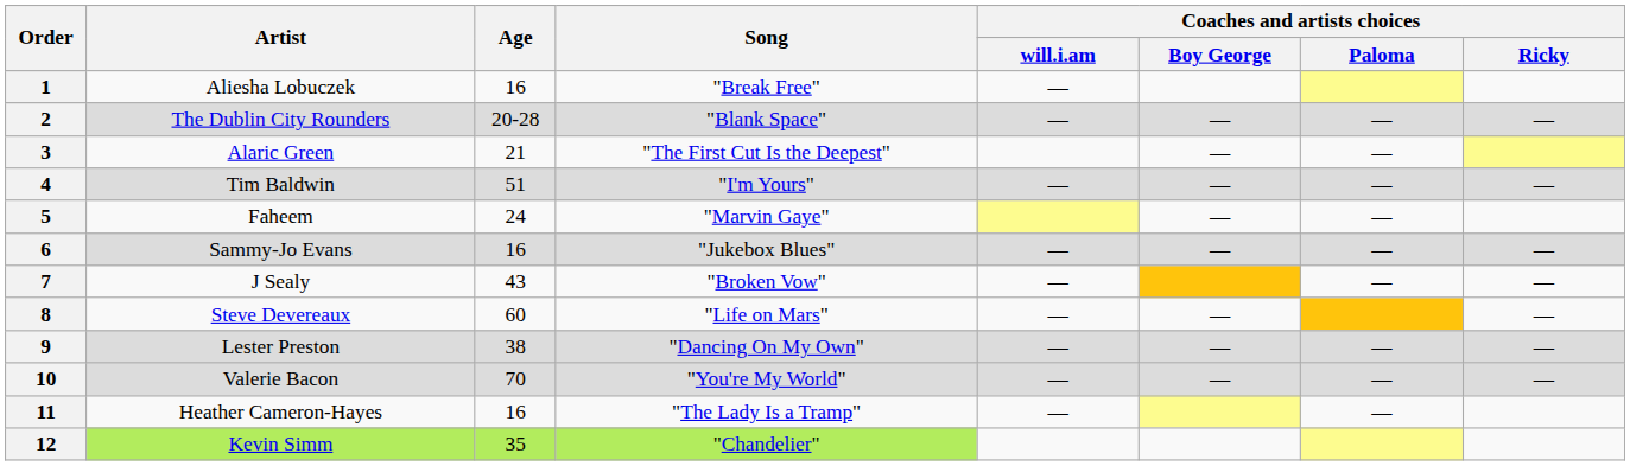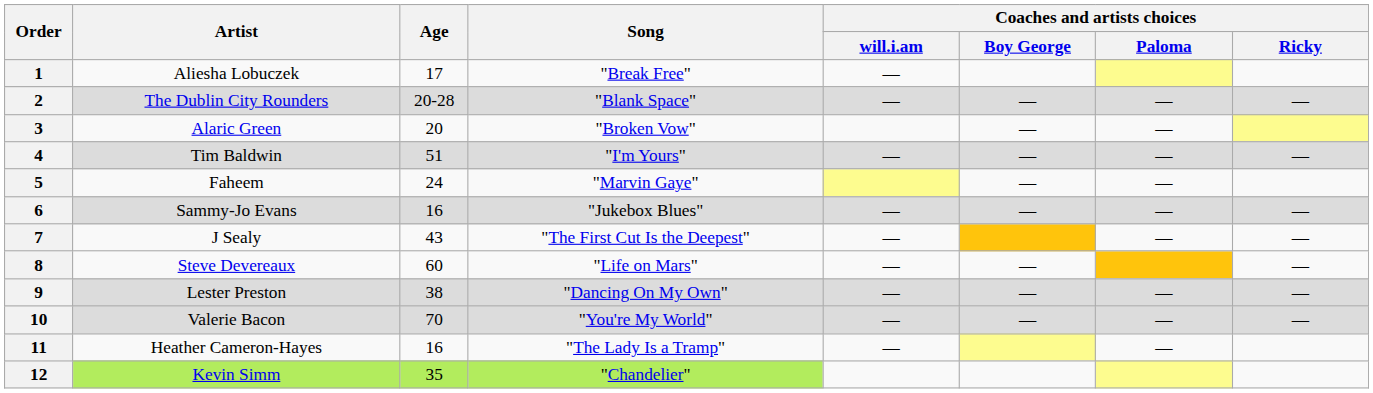 <table class="wikitable" style="text-align:center; width:100%;">
 <tr>
 <th scope="col" rowspan="2" style="width:05%;">Order</th>
 <th scope="col" rowspan="2" style="width:24%;">Artist</th>
 <th scope="col" rowspan="2" style="width:05%;">Age</th>
 <th scope="col" rowspan="2" style="width:26%;">Song</th>
 <th colspan="4" style="width:40%;">Coaches and artists choices</th>
 </tr>
 <tr>
 <th style="width:10%;"><a href='#'>will.i.am</a></th>
 <th style="width:10%;"><a href='#'>Boy George</a></th>
 <th style="width:10%;"><a href='#'>Paloma</a></th>
 <th style="width:10%;"><a href='#'>Ricky</a></th>
 </tr>
 <tr>
 <th scope="col">1</th>
 <td>Aliesha Lobuczek</td>
-<td>16</td>
+<td>17</td>
 <td>"<a href='#'>Break Free</a>"</td>
 <td>—</td>
 <td><strong></strong></td>
 <td style="background:#fdfc8f;"><strong></strong></td>
 <td><strong></strong></td>
 </tr>
 <tr style="background:#DCDCDC">
 <th scope="col">2</th>
 <td style="background:#DCDCDC;"><a href='#'>The Dublin City Rounders</a></td>
 <td style="background:#DCDCDC; text-align:center;">20-28</td>
 <td style="background:#DCDCDC; text-align:center;">"<a href='#'>Blank Space</a>"</td>
 <td>—</td>
 <td>—</td>
 <td>—</td>
 <td>—</td>
 </tr>
 <tr>
 <th scope="col">3</th>
 <td><a href='#'>Alaric Green</a></td>
-<td>21</td>
-<td>"<a href='#'>The First Cut Is the Deepest</a>"</td>
+<td>20</td>
+<td>"<a href='#'>Broken Vow</a>"</td>
 <td><strong></strong></td>
 <td>—</td>
 <td>—</td>
 <td style="background:#fdfc8f;"><strong></strong></td>
 </tr>
 <tr style="background:#DCDCDC">
 <th scope="col">4</th>
 <td style="background:#DCDCDC;">Tim Baldwin</td>
 <td style="background:#DCDCDC; text-align:center;">51</td>
 <td style="background:#DCDCDC; text-align:center;">"<a href='#'>I'm Yours</a>"</td>
 <td>—</td>
 <td>—</td>
 <td>—</td>
 <td>—</td>
 </tr>
 <tr>
 <th scope="col">5</th>
 <td>Faheem</td>
 <td>24</td>
 <td>"<a href='#'>Marvin Gaye</a>"</td>
 <td style="background:#fdfc8f;"><strong></strong></td>
 <td>—</td>
 <td>—</td>
 <td><strong></strong></td>
 </tr>
 <tr style="background:#DCDCDC">
 <th scope="col">6</th>
 <td style="background:#DCDCDC;">Sammy-Jo Evans</td>
 <td style="background:#DCDCDC; text-align:center;">16</td>
 <td style="background:#DCDCDC; text-align:center;">"Jukebox Blues"</td>
 <td>—</td>
 <td>—</td>
 <td>—</td>
 <td>—</td>
 </tr>
 <tr>
 <th scope="col">7</th>
 <td>J Sealy</td>
 <td>43</td>
-<td>"<a href='#'>Broken Vow</a>"</td>
+<td>"<a href='#'>The First Cut Is the Deepest</a>"</td>
 <td>—</td>
 <td style="background:#FFC40C;"><strong></strong></td>
 <td>—</td>
 <td>—</td>
 </tr>
 <tr>
 <th scope="col">8</th>
 <td><a href='#'>Steve Devereaux</a></td>
 <td>60</td>
 <td>"<a href='#'>Life on Mars</a>"</td>
 <td>—</td>
 <td>—</td>
 <td style="background:#FFC40C;"><strong></strong></td>
 <td>—</td>
 </tr>
 <tr style="background:#DCDCDC">
 <th scope="col">9</th>
 <td style="background:#DCDCDC;">Lester Preston</td>
 <td style="background:#DCDCDC; text-align:center;">38</td>
 <td style="background:#DCDCDC; text-align:center;">"<a href='#'>Dancing On My Own</a>"</td>
 <td>—</td>
 <td>—</td>
 <td>—</td>
 <td>—</td>
 </tr>
 <tr style="background:#DCDCDC">
 <th scope="col">10</th>
 <td style="background:#DCDCDC;">Valerie Bacon</td>
 <td style="background:#DCDCDC; text-align:center;">70</td>
 <td style="background:#DCDCDC; text-align:center;">"<a href='#'>You're My World</a>"</td>
 <td>—</td>
 <td>—</td>
 <td>—</td>
 <td>—</td>
 </tr>
 <tr>
 <th scope="col">11</th>
 <td>Heather Cameron-Hayes</td>
 <td>16</td>
 <td>"<a href='#'>The Lady Is a Tramp</a>"</td>
 <td>—</td>
 <td style="background:#fdfc8f;"><strong></strong></td>
 <td>—</td>
 <td><strong></strong></td>
 </tr>
 <tr>
 <th scope="col">12</th>
 <td style="background-color:#B2EC5D;"><a href='#'>Kevin Simm</a></td>
 <td style="background-color:#B2EC5D;">35</td>
 <td style="background-color:#B2EC5D;">"<a href='#'>Chandelier</a>"</td>
 <td><strong></strong></td>
 <td><strong></strong></td>
 <td Style='background:#fdfc8f;'><strong></strong></td>
 <td><strong></strong></td>
 </tr>
 </table>
